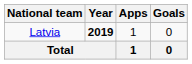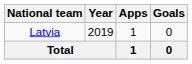 <table class="wikitable" style="text-align:center">
 <tr>
 <th>National team</th>
 <th>Year</th>
 <th>Apps</th>
 <th>Goals</th>
 </tr>
 <tr>
 <td><a href='#'>Latvia</a></td>
-<td><strong>2019</strong></td>
+<td>2019</td>
 <td>1</td>
 <td>0</td>
 </tr>
 <tr>
 <th colspan="2">Total</th>
 <th>1</th>
 <th>0</th>
 </tr>
 </table>
